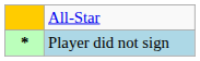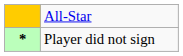 <table class="wikitable" style="width:15%;">
 <tr>
 <td style="background:#fc0; border:1px solid #aaa; width:2em;"></td>
 <td><a href='#'>All-Star</a></td>
 </tr>
 <tr>
 <th scope="row" style="background:#bfb;">*</th>
-<td style="background: lightblue;">Player did not sign</td>
+<td>Player did not sign</td>
 </tr>
 </table>
